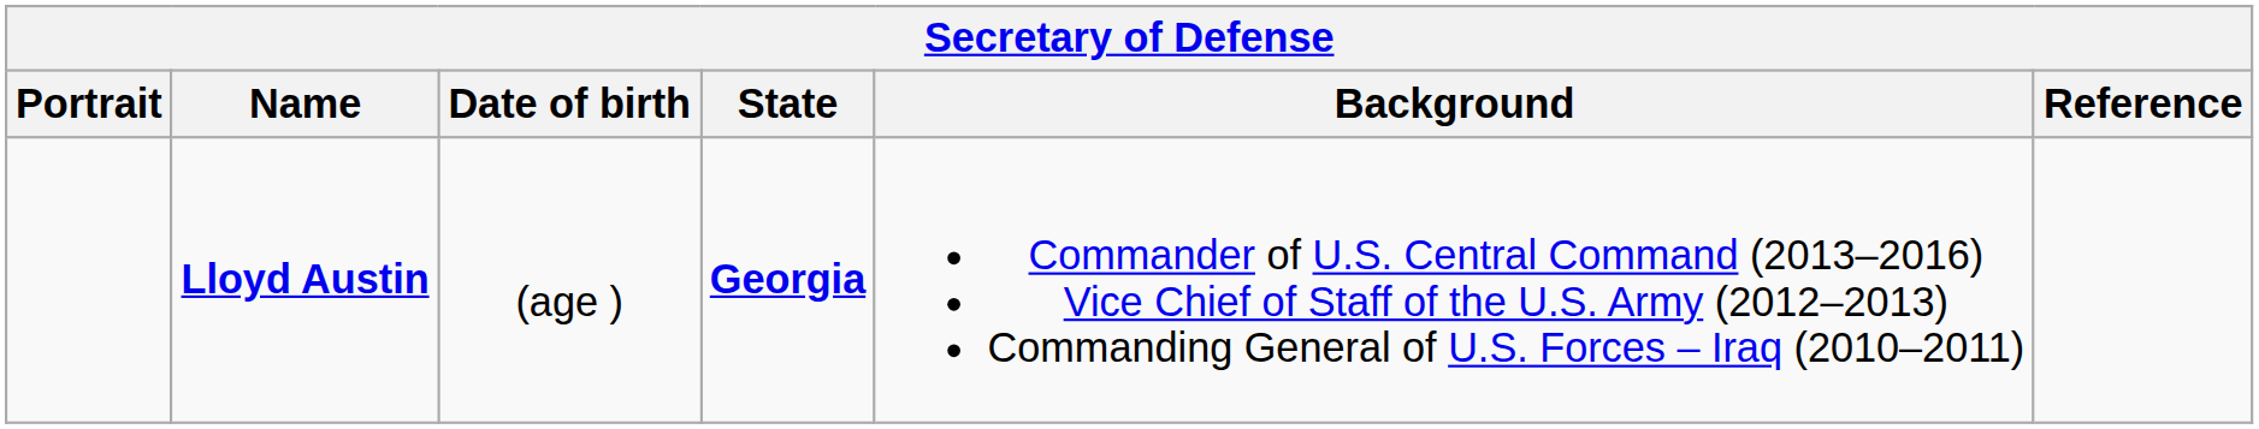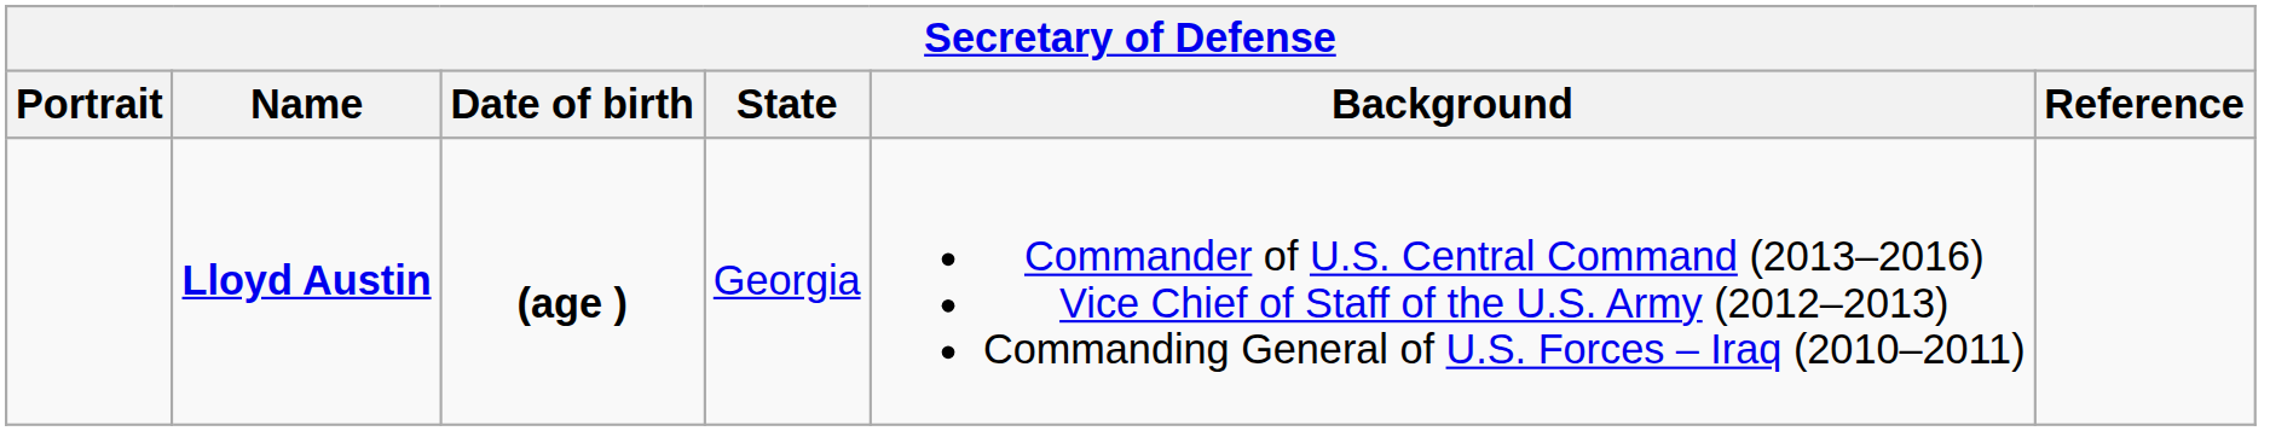 <table class="wikitable collapsible" style="text-align:center;">
 <tr>
 <th colspan="6"><a href='#'>Secretary of Defense</a></th>
 </tr>
 <tr>
 <th>Portrait</th>
 <th>Name</th>
 <th>Date of birth</th>
 <th>State</th>
 <th>Background</th>
 <th>Reference</th>
 </tr>
 <tr>
 <td></td>
 <td><strong><a href='#'>Lloyd Austin</a></strong></td>
-<td><br>(age )</td>
-<td><strong> <a href='#'>Georgia</a></strong></td>
+<td><strong><br>(age )</strong></td>
+<td> <a href='#'>Georgia</a></td>
 <td><br><ul><li><a href='#'>Commander</a> of <a href='#'>U.S. Central Command</a> (2013–2016)</li><li><a href='#'>Vice Chief of Staff of the U.S. Army</a> (2012–2013)</li><li>Commanding General of <a href='#'>U.S. Forces – Iraq</a> (2010–2011)</li></ul></td>
 <td></td>
 </tr>
 </table>
